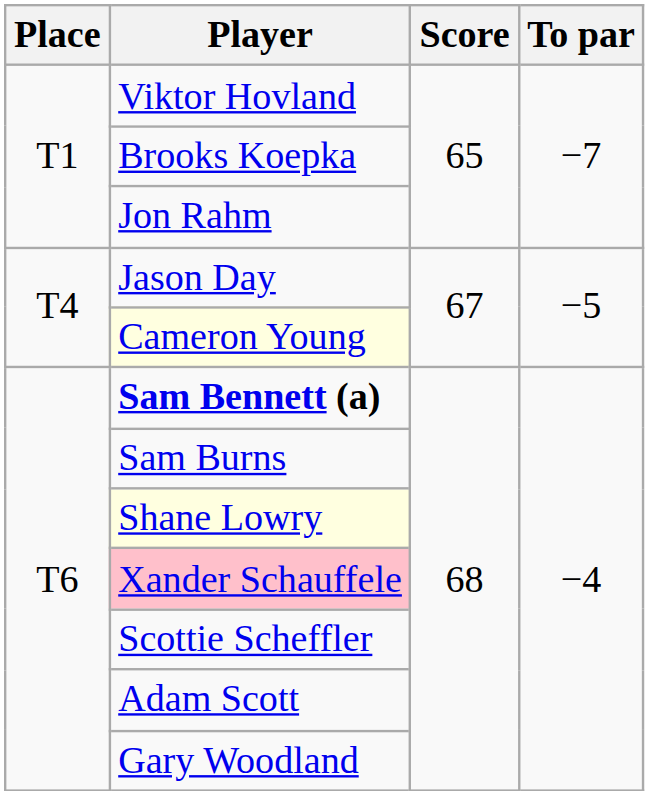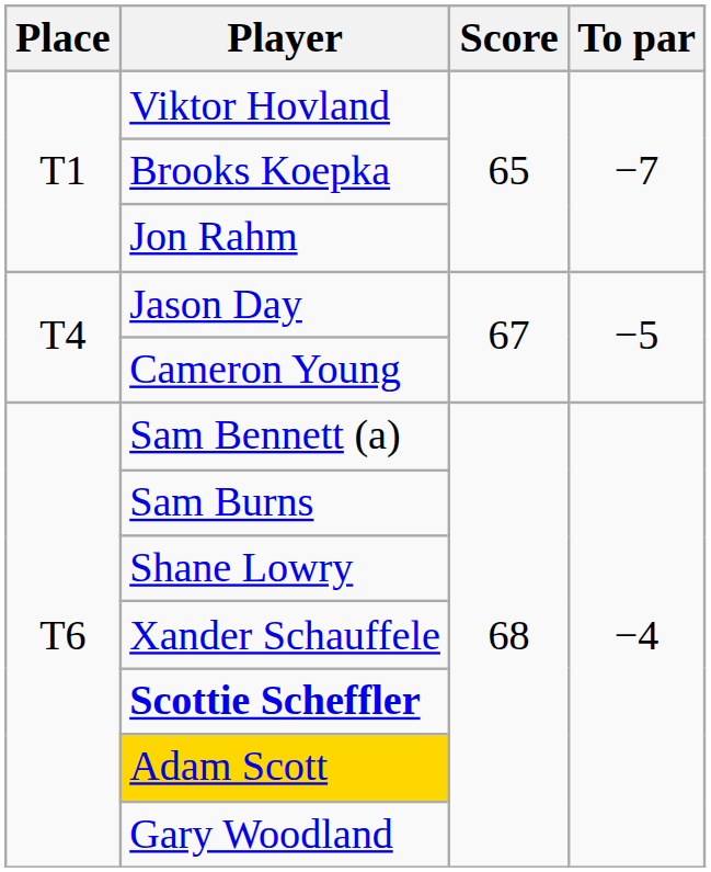 <table class="wikitable">
 <tr>
 <th>Place</th>
 <th>Player</th>
 <th>Score</th>
 <th>To par</th>
 </tr>
 <tr>
 <td rowspan=3 align=center>T1</td>
 <td> <a href='#'>Viktor Hovland</a></td>
 <td rowspan=3 align=center>65</td>
 <td rowspan=3 align=center>−7</td>
 </tr>
 <tr>
 <td> <a href='#'>Brooks Koepka</a></td>
 </tr>
 <tr>
 <td> <a href='#'>Jon Rahm</a></td>
 </tr>
 <tr>
 <td rowspan=2 align=center>T4</td>
 <td> <a href='#'>Jason Day</a></td>
 <td rowspan=2 align=center>67</td>
 <td rowspan=2 align=center>−5</td>
 </tr>
 <tr>
-<td style="background: lightyellow;"> <a href='#'>Cameron Young</a></td>
+<td> <a href='#'>Cameron Young</a></td>
 </tr>
 <tr>
 <td rowspan=7 align=center>T6</td>
-<td><strong> <a href='#'>Sam Bennett</a> (a)</strong></td>
+<td> <a href='#'>Sam Bennett</a> (a)</td>
 <td rowspan=7 align=center>68</td>
 <td rowspan=7 align=center>−4</td>
 </tr>
 <tr>
 <td> <a href='#'>Sam Burns</a></td>
 </tr>
 <tr>
-<td style="background: lightyellow;"> <a href='#'>Shane Lowry</a></td>
+<td> <a href='#'>Shane Lowry</a></td>
 </tr>
 <tr>
-<td style="background: pink;"> <a href='#'>Xander Schauffele</a></td>
+<td> <a href='#'>Xander Schauffele</a></td>
 </tr>
 <tr>
-<td> <a href='#'>Scottie Scheffler</a></td>
+<td><strong> <a href='#'>Scottie Scheffler</a></strong></td>
 </tr>
 <tr>
-<td> <a href='#'>Adam Scott</a></td>
+<td style="background: gold;"> <a href='#'>Adam Scott</a></td>
 </tr>
 <tr>
 <td> <a href='#'>Gary Woodland</a></td>
 </tr>
 </table>
